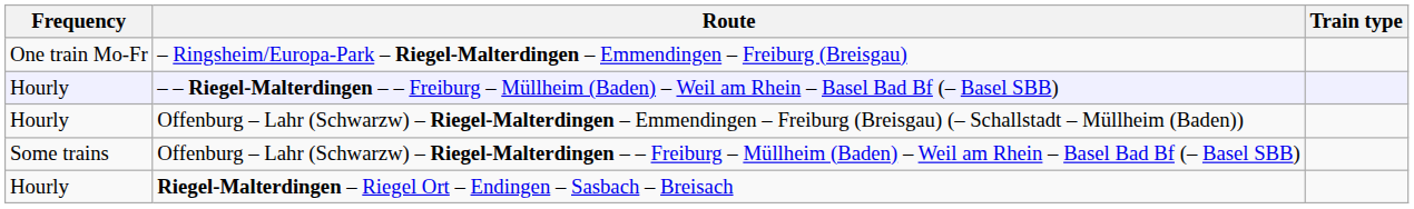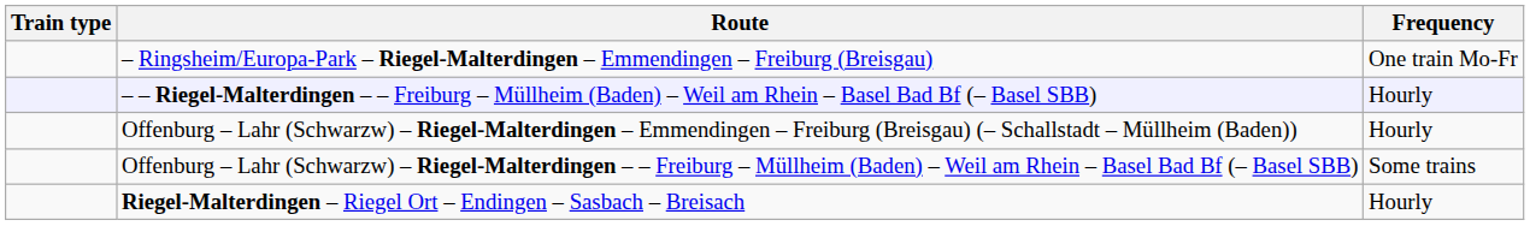 <table class="wikitable">
 <tr class="hintergrundfarbe6">
+<th>Train type</th>
+<th>Route</th>
 <th>Frequency</th>
-<th>Route</th>
-<th>Train type</th>
 </tr>
 <tr>
+<td align="center"></td>
+<td> – <a href='#'>Ringsheim/Europa-Park</a> – <strong>Riegel-Malterdingen</strong> – <a href='#'>Emmendingen</a> – <a href='#'>Freiburg (Breisgau)</a></td>
 <td>One train Mo-Fr</td>
-<td> – <a href='#'>Ringsheim/Europa-Park</a> – <strong>Riegel-Malterdingen</strong> – <a href='#'>Emmendingen</a> – <a href='#'>Freiburg (Breisgau)</a></td>
-<td align="center"></td>
 </tr>
 <tr bgcolor="#f0f0ff">
+<td align="center"></td>
+<td> –  – <strong>Riegel-Malterdingen</strong> –  – <a href='#'>Freiburg</a> – <a href='#'>Müllheim (Baden)</a> – <a href='#'>Weil am Rhein</a> – <a href='#'>Basel Bad Bf</a> (– <a href='#'>Basel SBB</a>)</td>
 <td>Hourly</td>
-<td> –  – <strong>Riegel-Malterdingen</strong> –  – <a href='#'>Freiburg</a> – <a href='#'>Müllheim (Baden)</a> – <a href='#'>Weil am Rhein</a> – <a href='#'>Basel Bad Bf</a> (– <a href='#'>Basel SBB</a>)</td>
-<td align="center"></td>
 </tr>
 <tr>
+<td align="center"></td>
+<td>Offenburg – Lahr (Schwarzw) – <strong>Riegel-Malterdingen</strong> – Emmendingen – Freiburg (Breisgau) (– Schallstadt – Müllheim (Baden))</td>
 <td>Hourly</td>
-<td>Offenburg – Lahr (Schwarzw) – <strong>Riegel-Malterdingen</strong> – Emmendingen – Freiburg (Breisgau) (– Schallstadt – Müllheim (Baden))</td>
-<td align="center"></td>
 </tr>
 <tr>
+<td align="center"></td>
+<td>Offenburg – Lahr (Schwarzw) – <strong>Riegel-Malterdingen</strong> –  – <a href='#'>Freiburg</a> – <a href='#'>Müllheim (Baden)</a> – <a href='#'>Weil am Rhein</a> – <a href='#'>Basel Bad Bf</a> (– <a href='#'>Basel SBB</a>)</td>
 <td>Some trains</td>
-<td>Offenburg – Lahr (Schwarzw) – <strong>Riegel-Malterdingen</strong> –  – <a href='#'>Freiburg</a> – <a href='#'>Müllheim (Baden)</a> – <a href='#'>Weil am Rhein</a> – <a href='#'>Basel Bad Bf</a> (– <a href='#'>Basel SBB</a>)</td>
-<td align="center"></td>
 </tr>
 <tr>
+<td align="center"></td>
+<td><strong>Riegel-Malterdingen</strong> – <a href='#'>Riegel Ort</a> – <a href='#'>Endingen</a> – <a href='#'>Sasbach</a> – <a href='#'>Breisach</a></td>
 <td>Hourly</td>
-<td><strong>Riegel-Malterdingen</strong> – <a href='#'>Riegel Ort</a> – <a href='#'>Endingen</a> – <a href='#'>Sasbach</a> – <a href='#'>Breisach</a></td>
-<td align="center"></td>
 </tr>
 </table>
